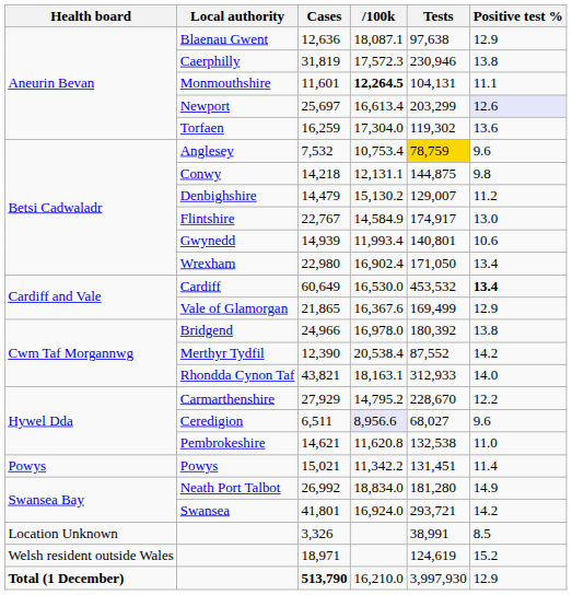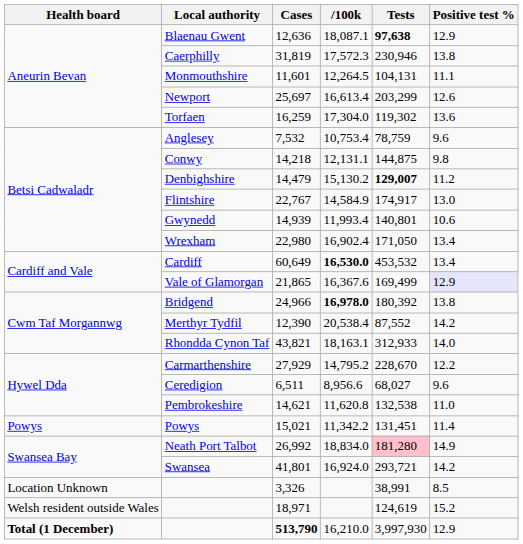 <table class="wikitable sortable">
 <tr>
 <th>Health board</th>
 <th>Local authority</th>
 <th>Cases</th>
 <th>/100k</th>
 <th>Tests</th>
 <th>Positive test %</th>
 </tr>
 <tr>
 <td rowspan="5"><a href='#'>Aneurin Bevan</a></td>
 <td><a href='#'>Blaenau Gwent</a></td>
 <td>12,636</td>
 <td>18,087.1</td>
-<td>97,638</td>
+<td><strong>97,638</strong></td>
 <td>12.9</td>
 </tr>
 <tr>
 <td><a href='#'>Caerphilly</a></td>
 <td>31,819</td>
 <td>17,572.3</td>
 <td>230,946</td>
 <td>13.8</td>
 </tr>
 <tr>
 <td><a href='#'>Monmouthshire</a></td>
 <td>11,601</td>
-<td><strong>12,264.5</strong></td>
+<td>12,264.5</td>
 <td>104,131</td>
 <td>11.1</td>
 </tr>
 <tr>
 <td><a href='#'>Newport</a></td>
 <td>25,697</td>
 <td>16,613.4</td>
 <td>203,299</td>
-<td style="background: lavender;">12.6</td>
+<td>12.6</td>
 </tr>
 <tr>
 <td><a href='#'>Torfaen</a></td>
 <td>16,259</td>
 <td>17,304.0</td>
 <td>119,302</td>
 <td>13.6</td>
 </tr>
 <tr>
 <td rowspan="6"><a href='#'>Betsi Cadwaladr</a></td>
 <td><a href='#'>Anglesey</a></td>
 <td>7,532</td>
 <td>10,753.4</td>
-<td style="background: gold;">78,759</td>
+<td>78,759</td>
 <td>9.6</td>
 </tr>
 <tr>
 <td><a href='#'>Conwy</a></td>
 <td>14,218</td>
 <td>12,131.1</td>
 <td>144,875</td>
 <td>9.8</td>
 </tr>
 <tr>
 <td><a href='#'>Denbighshire</a></td>
 <td>14,479</td>
 <td>15,130.2</td>
-<td>129,007</td>
+<td><strong>129,007</strong></td>
 <td>11.2</td>
 </tr>
 <tr>
 <td><a href='#'>Flintshire</a></td>
 <td>22,767</td>
 <td>14,584.9</td>
 <td>174,917</td>
 <td>13.0</td>
 </tr>
 <tr>
 <td><a href='#'>Gwynedd</a></td>
 <td>14,939</td>
 <td>11,993.4</td>
 <td>140,801</td>
 <td>10.6</td>
 </tr>
 <tr>
 <td><a href='#'>Wrexham</a></td>
 <td>22,980</td>
 <td>16,902.4</td>
 <td>171,050</td>
 <td>13.4</td>
 </tr>
 <tr>
 <td rowspan="2"><a href='#'>Cardiff and Vale</a></td>
 <td><a href='#'>Cardiff</a></td>
 <td>60,649</td>
-<td>16,530.0</td>
+<td><strong>16,530.0</strong></td>
 <td>453,532</td>
-<td><strong>13.4</strong></td>
+<td>13.4</td>
 </tr>
 <tr>
 <td><a href='#'>Vale of Glamorgan</a></td>
 <td>21,865</td>
 <td>16,367.6</td>
 <td>169,499</td>
-<td>12.9</td>
+<td style="background: lavender;">12.9</td>
 </tr>
 <tr>
 <td rowspan="3"><a href='#'>Cwm Taf Morgannwg</a></td>
 <td><a href='#'>Bridgend</a></td>
 <td>24,966</td>
-<td>16,978.0</td>
+<td><strong>16,978.0</strong></td>
 <td>180,392</td>
 <td>13.8</td>
 </tr>
 <tr>
 <td><a href='#'>Merthyr Tydfil</a></td>
 <td>12,390</td>
 <td>20,538.4</td>
 <td>87,552</td>
 <td>14.2</td>
 </tr>
 <tr>
 <td><a href='#'>Rhondda Cynon Taf</a></td>
 <td>43,821</td>
 <td>18,163.1</td>
 <td>312,933</td>
 <td>14.0</td>
 </tr>
 <tr>
 <td rowspan="3"><a href='#'>Hywel Dda</a></td>
 <td><a href='#'>Carmarthenshire</a></td>
 <td>27,929</td>
 <td>14,795.2</td>
 <td>228,670</td>
 <td>12.2</td>
 </tr>
 <tr>
 <td><a href='#'>Ceredigion</a></td>
 <td>6,511</td>
-<td style="background: lavender;">8,956.6</td>
+<td>8,956.6</td>
 <td>68,027</td>
 <td>9.6</td>
 </tr>
 <tr>
 <td><a href='#'>Pembrokeshire</a></td>
 <td>14,621</td>
 <td>11,620.8</td>
 <td>132,538</td>
 <td>11.0</td>
 </tr>
 <tr>
 <td><a href='#'>Powys</a></td>
 <td><a href='#'>Powys</a></td>
 <td>15,021</td>
 <td>11,342.2</td>
 <td>131,451</td>
 <td>11.4</td>
 </tr>
 <tr>
 <td rowspan="2"><a href='#'>Swansea Bay</a></td>
 <td><a href='#'>Neath Port Talbot</a></td>
 <td>26,992</td>
 <td>18,834.0</td>
-<td>181,280</td>
+<td style="background: pink;">181,280</td>
 <td>14.9</td>
 </tr>
 <tr>
 <td><a href='#'>Swansea</a></td>
 <td>41,801</td>
 <td>16,924.0</td>
 <td>293,721</td>
 <td>14.2</td>
 </tr>
 <tr>
 <td>Location Unknown</td>
 <td></td>
 <td>3,326</td>
 <td></td>
 <td>38,991</td>
 <td>8.5</td>
 </tr>
 <tr>
 <td>Welsh resident outside Wales</td>
 <td></td>
 <td>18,971</td>
 <td></td>
 <td>124,619</td>
 <td>15.2</td>
 </tr>
 <tr>
 <td><strong>Total (1 December)</strong></td>
 <td></td>
 <td><strong>513,790</strong></td>
 <td>16,210.0</td>
 <td>3,997,930</td>
 <td>12.9</td>
 </tr>
 </table>
